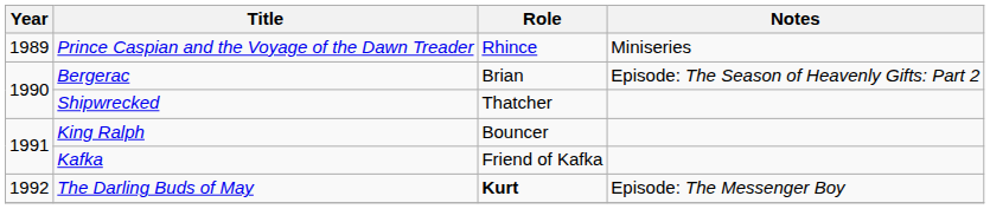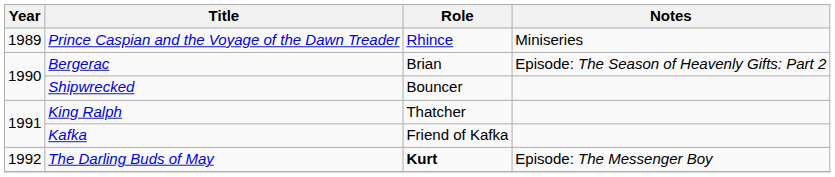 <table class="wikitable">
 <tr>
 <th>Year</th>
 <th>Title</th>
 <th>Role</th>
 <th>Notes</th>
 </tr>
 <tr>
 <td>1989</td>
 <td><em><a href='#'>Prince Caspian and the Voyage of the Dawn Treader</a></em></td>
 <td><a href='#'>Rhince</a></td>
 <td>Miniseries</td>
 </tr>
 <tr>
 <td rowspan=2>1990</td>
 <td><em><a href='#'>Bergerac</a></em></td>
 <td>Brian</td>
 <td>Episode: <em>The Season of Heavenly Gifts: Part 2</em></td>
 </tr>
 <tr>
 <td><em><a href='#'>Shipwrecked</a></em></td>
-<td>Thatcher</td>
+<td>Bouncer</td>
 <td></td>
 </tr>
 <tr>
 <td rowspan=2>1991</td>
 <td><em><a href='#'>King Ralph</a></em></td>
-<td>Bouncer</td>
+<td>Thatcher</td>
 <td></td>
 </tr>
 <tr>
 <td><em><a href='#'>Kafka</a></em></td>
 <td>Friend of Kafka</td>
 <td></td>
 </tr>
 <tr>
 <td>1992</td>
 <td><em><a href='#'>The Darling Buds of May</a></em></td>
 <td><strong>Kurt</strong></td>
 <td>Episode: <em>The Messenger Boy</em></td>
 </tr>
 <tr>
 </tr>
 </table>
